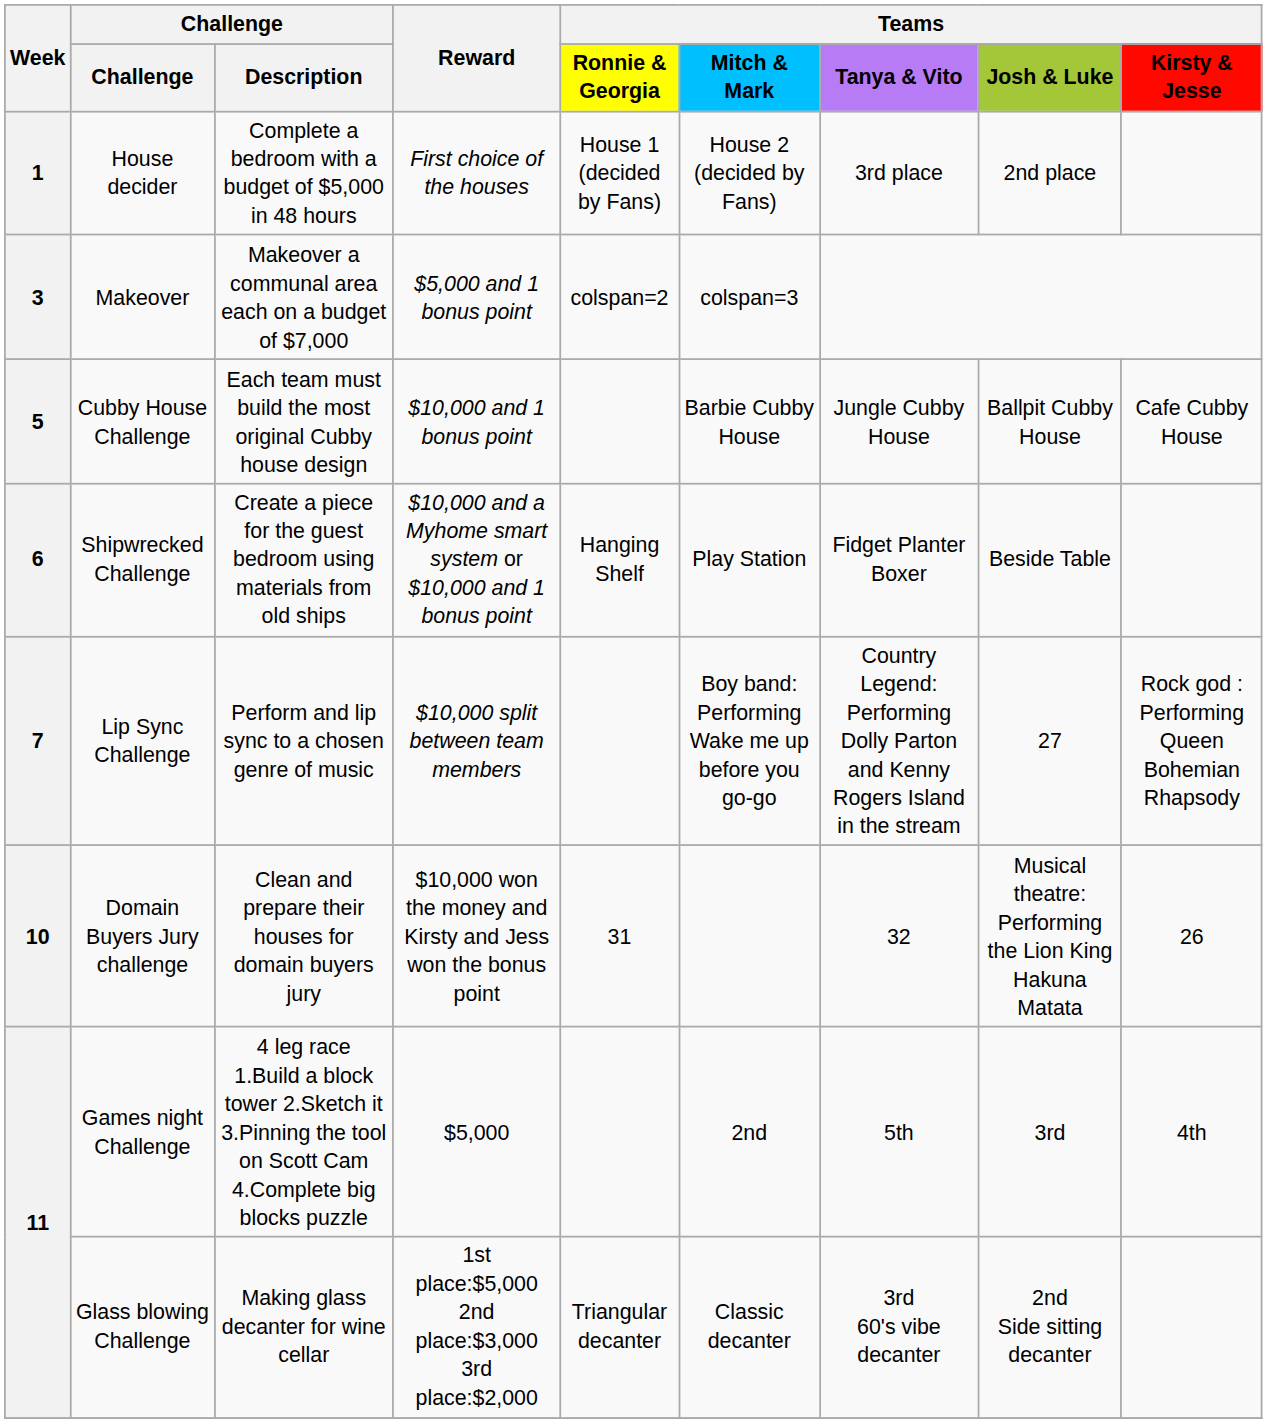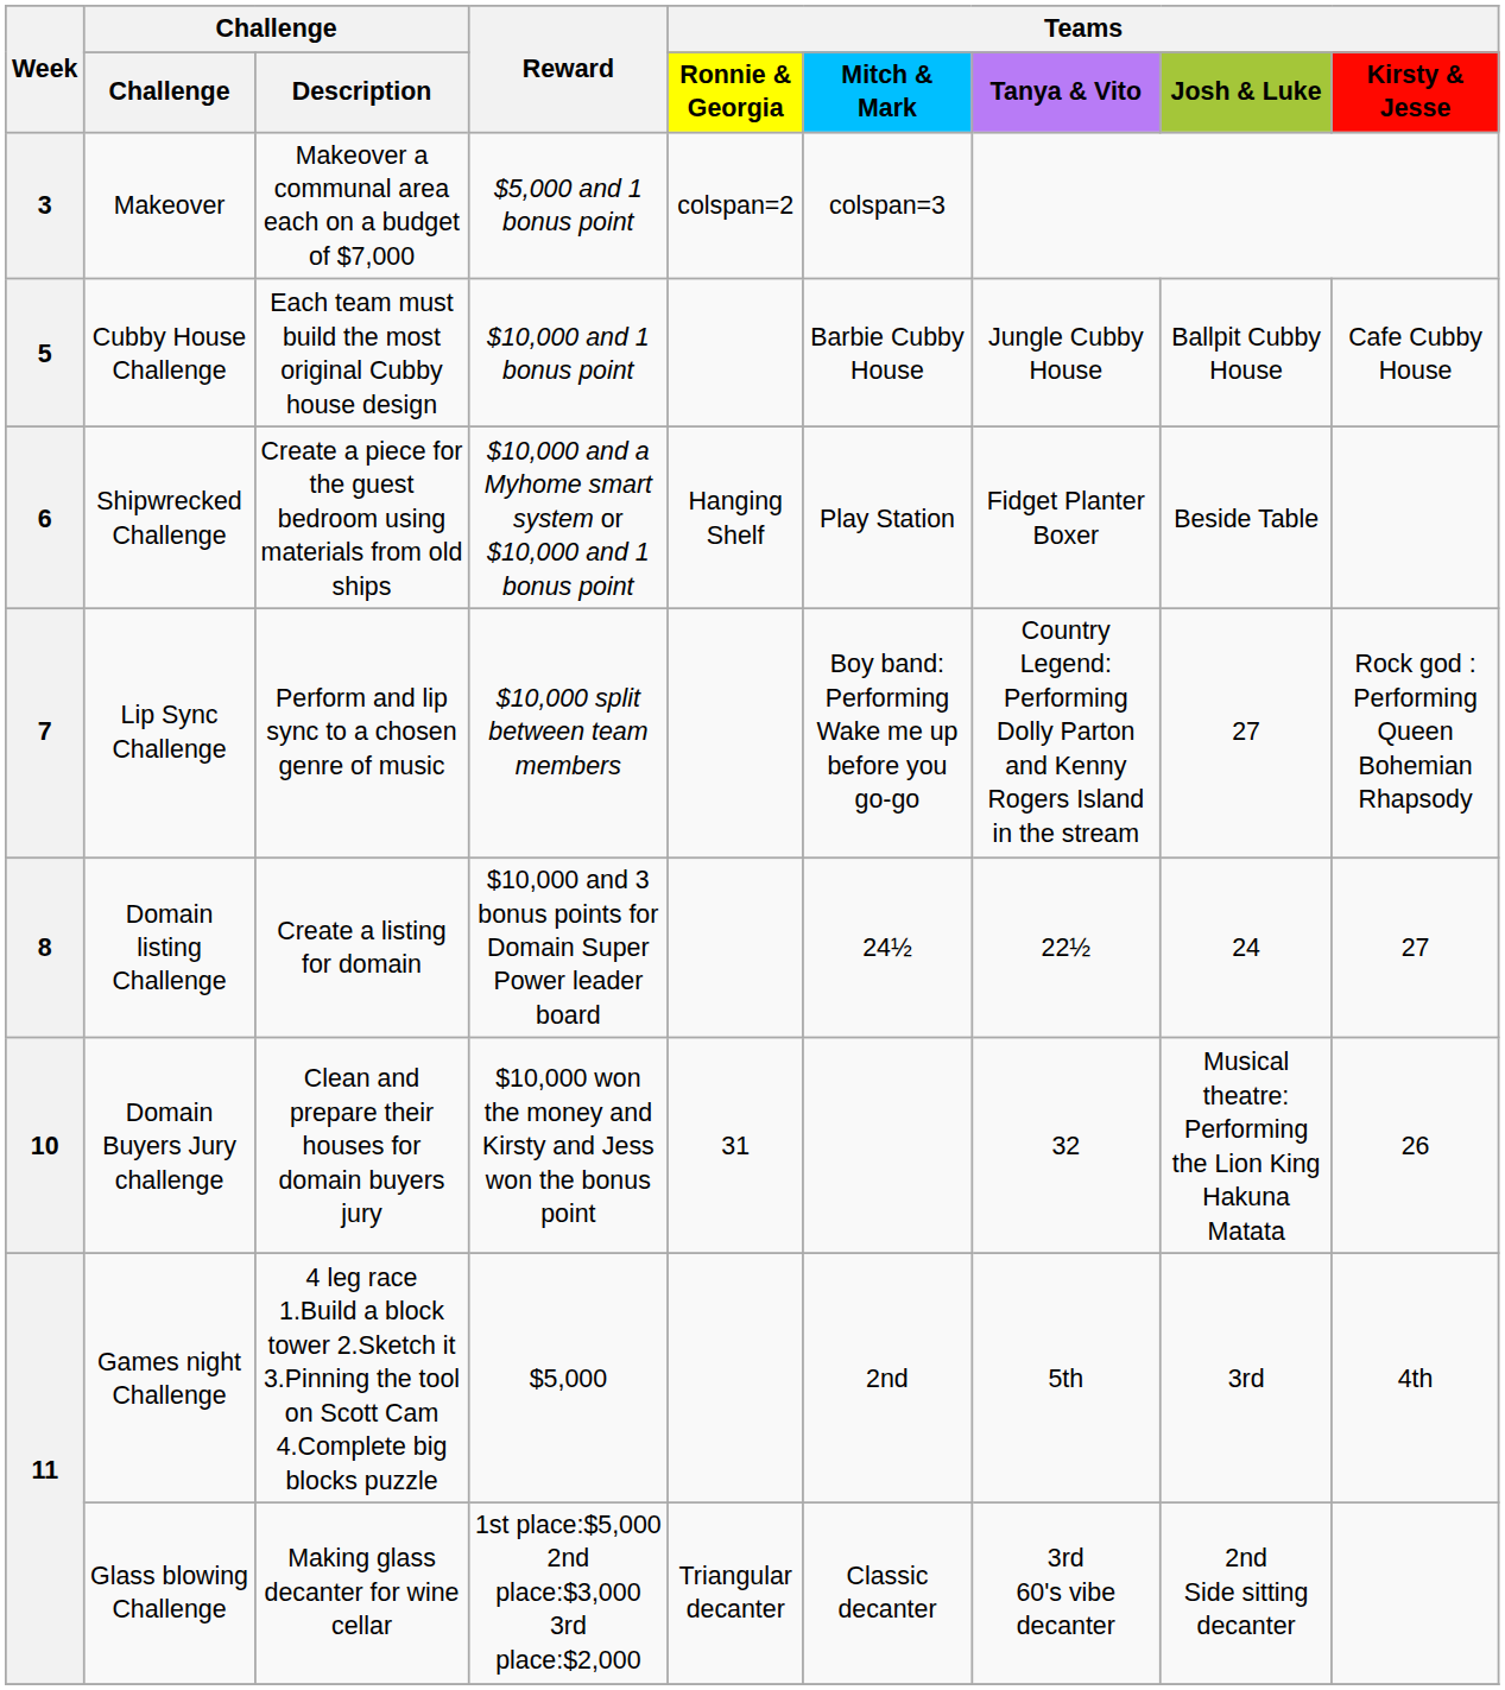 <table class="wikitable" style="text-align: center; font-size: 9pt; line-height:16px; width:80%">
 <tr>
 <th scope="col" rowspan="2">Week</th>
 <th scope="col" colspan="2">Challenge</th>
 <th scope="col" rowspan="2">Reward</th>
 <th scope="col" colspan="5">Teams</th>
 </tr>
 <tr>
 <th scope="col">Challenge</th>
 <th scope="col">Description</th>
 <th style="background:yellow; color:black;"><strong>Ronnie & Georgia</strong></th>
 <th style="background:#00BFFF; color:black;"><strong>Mitch & Mark</strong></th>
 <th style="background:#B87BF6; color:black;"><strong>Tanya & Vito</strong></th>
 <th style="background:#A4C639; color:black;"><strong>Josh & Luke</strong></th>
 <th style="background:#FF0800; color:black;"><strong>Kirsty & Jesse</strong></th>
-</tr>
-<tr>
-<th>1</th>
-<td>House decider</td>
-<td>Complete a bedroom with a budget of $5,000 in 48 hours</td>
-<td><em>First choice of the houses</em></td>
-<td>House 1 (decided by Fans)</td>
-<td>House 2 (decided by Fans)</td>
-<td>3rd place<br></td>
-<td>2nd place<br></td>
-<td></td>
 </tr>
 <tr>
 <th>3</th>
 <td> Makeover</td>
 <td>Makeover a communal area each on a budget of $7,000</td>
 <td><em>$5,000 and 1 bonus point</em></td>
 <td>colspan=2 </td>
 <td>colspan=3 </td>
 </tr>
 <tr>
 <th>5</th>
 <td>Cubby House Challenge</td>
 <td>Each team must build the most original Cubby house design</td>
 <td><em>$10,000 and 1 bonus point</em></td>
 <td></td>
 <td>Barbie Cubby House</td>
 <td>Jungle Cubby House</td>
 <td>Ballpit Cubby House</td>
 <td>Cafe Cubby House</td>
 </tr>
 <tr>
 <th>6</th>
 <td>Shipwrecked Challenge</td>
 <td>Create a piece for the guest bedroom using materials from old ships</td>
 <td><em>$10,000 and a Myhome smart system</em> or <em>$10,000 and 1 bonus point</em></td>
 <td>Hanging Shelf</td>
 <td>Play Station</td>
 <td>Fidget Planter Boxer</td>
 <td>Beside Table</td>
 <td></td>
 </tr>
 <tr>
 <th>7</th>
 <td>Lip Sync Challenge</td>
 <td>Perform and lip sync to a chosen genre of music</td>
 <td><em>$10,000 split between team members</em></td>
 <td></td>
 <td>Boy band: Performing Wake me up before you go-go</td>
 <td>Country Legend: Performing Dolly Parton and Kenny Rogers Island in the stream</td>
 <td>27</td>
 <td>Rock god : Performing Queen Bohemian Rhapsody</td>
 </tr>
 <tr>
+<th>8</th>
+<td>Domain listing Challenge</td>
+<td>Create a listing for domain</td>
+<td>$10,000 and 3 bonus points for Domain Super Power leader board</td>
+<td></td>
+<td>24½</td>
+<td>22½</td>
+<td>24</td>
+<td>27</td>
+</tr>
+<tr>
 <th>10</th>
 <td>Domain Buyers Jury challenge</td>
 <td>Clean and prepare their houses for domain buyers jury</td>
 <td>$10,000 won the money and Kirsty and Jess won the bonus point</td>
 <td>31</td>
 <td></td>
 <td>32</td>
 <td>Musical theatre: Performing the Lion King Hakuna Matata</td>
 <td>26</td>
 </tr>
 <tr>
 <th rowspan="2">11</th>
 <td>Games night Challenge</td>
 <td>4 leg race<br>1.Build a block tower 2.Sketch it 3.Pinning the tool on Scott Cam 4.Complete big blocks puzzle</td>
 <td>$5,000</td>
 <td></td>
 <td>2nd</td>
 <td>5th</td>
 <td>3rd</td>
 <td>4th</td>
 </tr>
 <tr>
 <td>Glass blowing Challenge</td>
 <td>Making glass decanter for wine cellar</td>
 <td>1st place:$5,000<br>2nd place:$3,000 3rd place:$2,000</td>
 <td>Triangular decanter</td>
 <td>Classic decanter</td>
 <td>3rd<br>60's vibe decanter</td>
 <td>2nd<br>Side sitting decanter</td>
 <td></td>
 </tr>
 <tr>
 </tr>
 </table>
